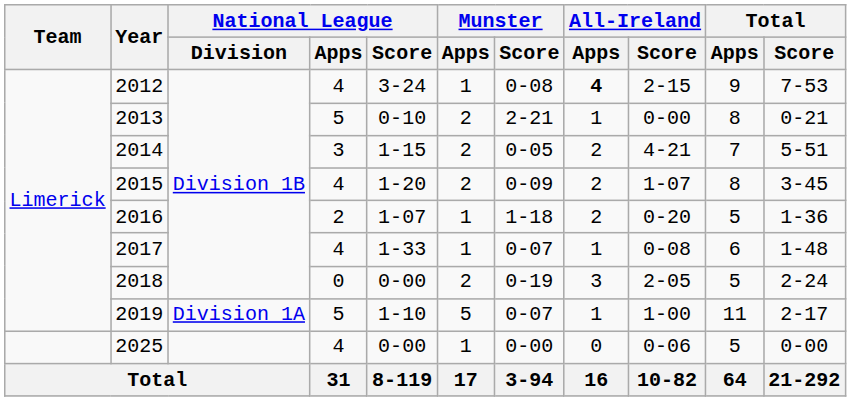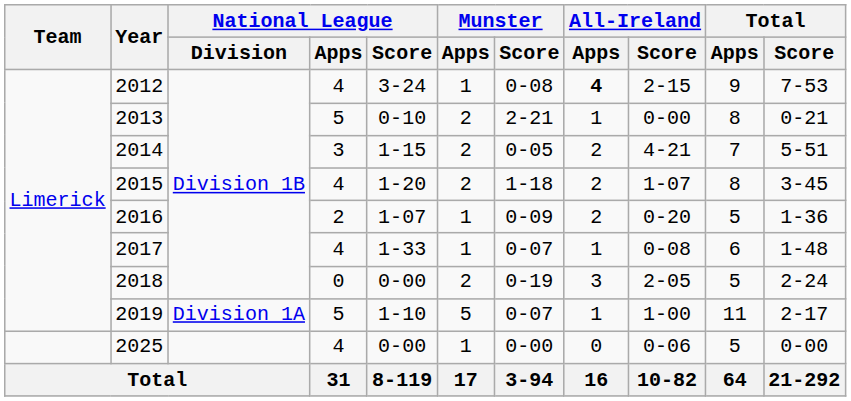 <table class="wikitable" style="text-align:center">
 <tr>
 <th rowspan="2">Team</th>
 <th rowspan="2">Year</th>
 <th colspan="3"><a href='#'>National League</a></th>
 <th colspan="2"><a href='#'>Munster</a></th>
 <th colspan="2"><a href='#'>All-Ireland</a></th>
 <th colspan="2">Total</th>
 </tr>
 <tr>
 <th>Division</th>
 <th>Apps</th>
 <th>Score</th>
 <th>Apps</th>
 <th>Score</th>
 <th>Apps</th>
 <th>Score</th>
 <th>Apps</th>
 <th>Score</th>
 </tr>
 <tr>
 <td rowspan="8"><a href='#'>Limerick</a></td>
 <td>2012</td>
 <td rowspan="7"><a href='#'>Division 1B</a></td>
 <td>4</td>
 <td>3-24</td>
 <td>1</td>
 <td>0-08</td>
 <td><strong>4</strong></td>
 <td>2-15</td>
 <td>9</td>
 <td>7-53</td>
 </tr>
 <tr>
 <td>2013</td>
 <td>5</td>
 <td>0-10</td>
 <td>2</td>
 <td>2-21</td>
 <td>1</td>
 <td>0-00</td>
 <td>8</td>
 <td>0-21</td>
 </tr>
 <tr>
 <td>2014</td>
 <td>3</td>
 <td>1-15</td>
 <td>2</td>
 <td>0-05</td>
 <td>2</td>
 <td>4-21</td>
 <td>7</td>
 <td>5-51</td>
 </tr>
 <tr>
 <td>2015</td>
 <td>4</td>
 <td>1-20</td>
 <td>2</td>
-<td>0-09</td>
+<td>1-18</td>
 <td>2</td>
 <td>1-07</td>
 <td>8</td>
 <td>3-45</td>
 </tr>
 <tr>
 <td>2016</td>
 <td>2</td>
 <td>1-07</td>
 <td>1</td>
-<td>1-18</td>
+<td>0-09</td>
 <td>2</td>
 <td>0-20</td>
 <td>5</td>
 <td>1-36</td>
 </tr>
 <tr>
 <td>2017</td>
 <td>4</td>
 <td>1-33</td>
 <td>1</td>
 <td>0-07</td>
 <td>1</td>
 <td>0-08</td>
 <td>6</td>
 <td>1-48</td>
 </tr>
 <tr>
 <td>2018</td>
 <td>0</td>
 <td>0-00</td>
 <td>2</td>
 <td>0-19</td>
 <td>3</td>
 <td>2-05</td>
 <td>5</td>
 <td>2-24</td>
 </tr>
 <tr>
 <td>2019</td>
 <td rowspan="1"><a href='#'>Division 1A</a></td>
 <td>5</td>
 <td>1-10</td>
 <td>5</td>
 <td>0-07</td>
 <td>1</td>
 <td>1-00</td>
 <td>11</td>
 <td>2-17</td>
 </tr>
 <tr>
 <td></td>
 <td>2025</td>
 <td></td>
 <td>4</td>
 <td>0-00</td>
 <td>1</td>
 <td>0-00</td>
 <td>0</td>
 <td>0-06</td>
 <td>5</td>
 <td>0-00</td>
 </tr>
 <tr>
 <th colspan="3">Total</th>
 <th>31</th>
 <th>8-119</th>
 <th>17</th>
 <th>3-94</th>
 <th>16</th>
 <th>10-82</th>
 <th>64</th>
 <th>21-292</th>
 </tr>
 </table>
